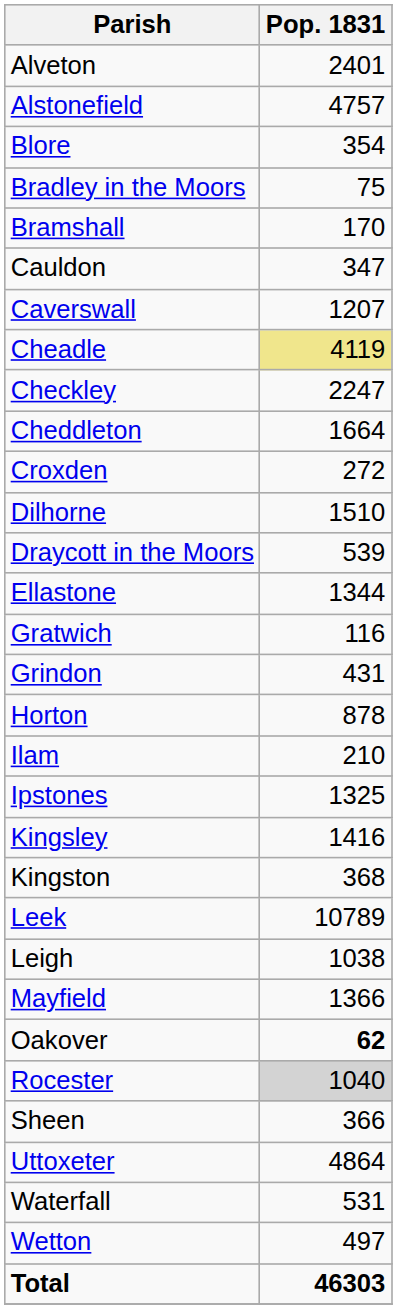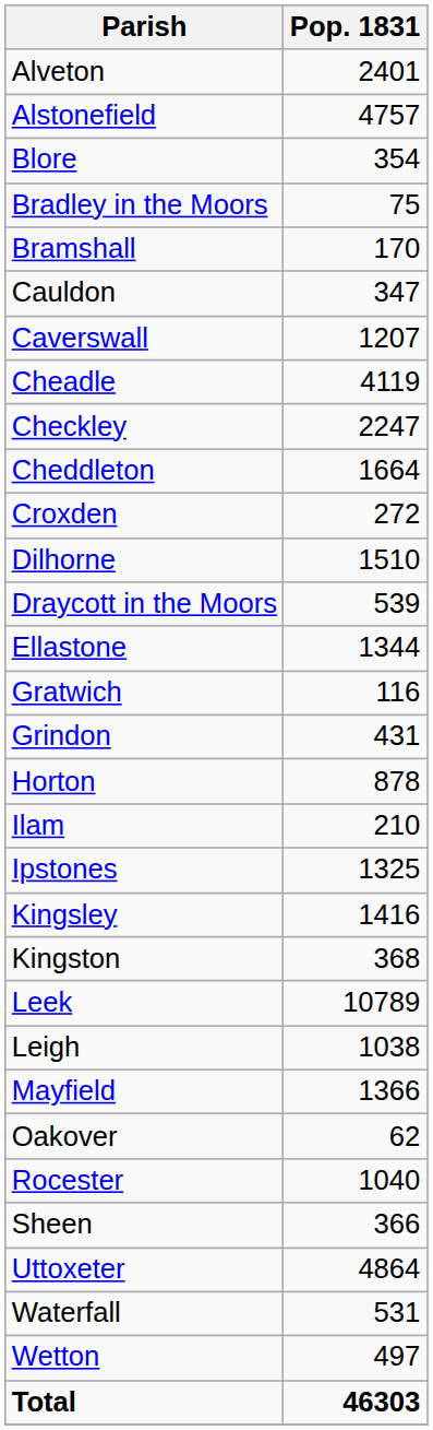 <table class="wikitable">
 <tr>
 <th>Parish</th>
 <th>Pop. 1831</th>
 </tr>
 <tr>
 <td align="left">Alveton</td>
 <td align="right">2401</td>
 </tr>
 <tr>
 <td align="left"><a href='#'>Alstonefield</a></td>
 <td align="right">4757</td>
 </tr>
 <tr>
 <td align="left"><a href='#'>Blore</a></td>
 <td align="right">354</td>
 </tr>
 <tr>
 <td align="left"><a href='#'>Bradley in the Moors</a></td>
 <td align="right">75</td>
 </tr>
 <tr>
 <td align="left"><a href='#'>Bramshall</a></td>
 <td align="right">170</td>
 </tr>
 <tr>
 <td align="left">Cauldon</td>
 <td align="right">347</td>
 </tr>
 <tr>
 <td align="left"><a href='#'>Caverswall</a></td>
 <td align="right">1207</td>
 </tr>
 <tr>
 <td align="left"><a href='#'>Cheadle</a></td>
-<td align="right" style="background: khaki;">4119</td>
+<td align="right">4119</td>
 </tr>
 <tr>
 <td align="left"><a href='#'>Checkley</a></td>
 <td align="right">2247</td>
 </tr>
 <tr>
 <td align="left"><a href='#'>Cheddleton</a></td>
 <td align="right">1664</td>
 </tr>
 <tr>
 <td align="left"><a href='#'>Croxden</a></td>
 <td align="right">272</td>
 </tr>
 <tr>
 <td align="left"><a href='#'>Dilhorne</a></td>
 <td align="right">1510</td>
 </tr>
 <tr>
 <td align="left"><a href='#'>Draycott in the Moors</a></td>
 <td align="right">539</td>
 </tr>
 <tr>
 <td align="left"><a href='#'>Ellastone</a></td>
 <td align="right">1344</td>
 </tr>
 <tr>
 <td align="left"><a href='#'>Gratwich</a></td>
 <td align="right">116</td>
 </tr>
 <tr>
 <td align="left"><a href='#'>Grindon</a></td>
 <td align="right">431</td>
 </tr>
 <tr>
 <td align="left"><a href='#'>Horton</a></td>
 <td align="right">878</td>
 </tr>
 <tr>
 <td align="left"><a href='#'>Ilam</a></td>
 <td align="right">210</td>
 </tr>
 <tr>
 <td align="left"><a href='#'>Ipstones</a></td>
 <td align="right">1325</td>
 </tr>
 <tr>
 <td align="left"><a href='#'>Kingsley</a></td>
 <td align="right">1416</td>
 </tr>
 <tr>
 <td align="left">Kingston</td>
 <td align="right">368</td>
 </tr>
 <tr>
 <td align="left"><a href='#'>Leek</a></td>
 <td align="right">10789</td>
 </tr>
 <tr>
 <td align="left">Leigh</td>
 <td align="right">1038</td>
 </tr>
 <tr>
 <td align="left"><a href='#'>Mayfield</a></td>
 <td align="right">1366</td>
 </tr>
 <tr>
 <td align="left">Oakover</td>
-<td align="right"><strong>62</strong></td>
+<td align="right">62</td>
 </tr>
 <tr>
 <td align="left"><a href='#'>Rocester</a></td>
-<td align="right" style="background: lightgrey;">1040</td>
+<td align="right">1040</td>
 </tr>
 <tr>
 <td align="left">Sheen</td>
 <td align="right">366</td>
 </tr>
 <tr>
 <td align="left"><a href='#'>Uttoxeter</a></td>
 <td align="right">4864</td>
 </tr>
 <tr>
 <td align="left">Waterfall</td>
 <td align="right">531</td>
 </tr>
 <tr>
 <td align="left"><a href='#'>Wetton</a></td>
 <td align="right">497</td>
 </tr>
 <tr>
 <td align="left"><strong>Total</strong></td>
 <td align="right"><strong>46303</strong></td>
 </tr>
 <tr>
 </tr>
 </table>
